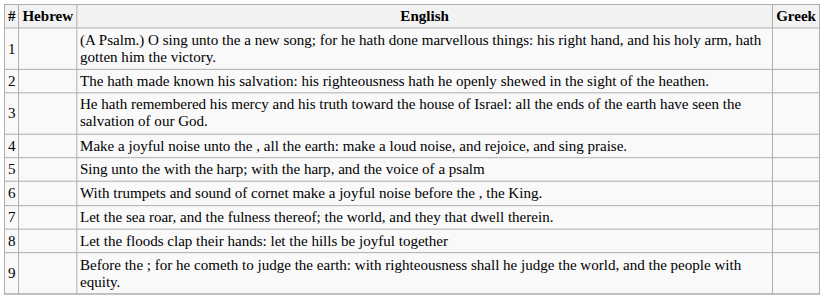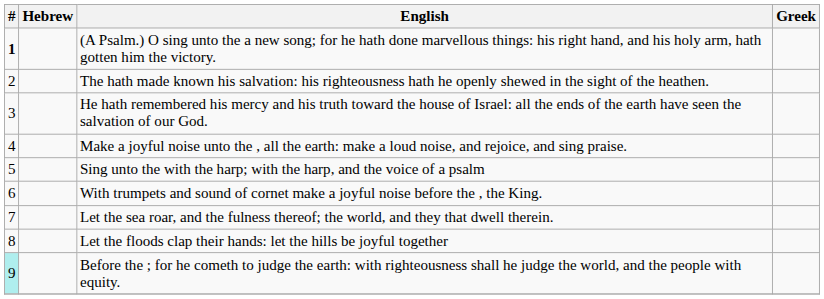 <table class=wikitable>
 <tr>
 <th>#</th>
 <th>Hebrew</th>
 <th>English</th>
 <th>Greek</th>
 </tr>
 <tr>
-<td style="text-align:right">1</td>
+<td style="text-align:right"><strong>1</strong></td>
 <td style="text-align:right"></td>
 <td>(A Psalm.) O sing unto the  a new song; for he hath done marvellous things: his right hand, and his holy arm, hath gotten him the victory.</td>
 <td></td>
 </tr>
 <tr>
 <td style="text-align:right">2</td>
 <td style="text-align:right"></td>
 <td>The  hath made known his salvation: his righteousness hath he openly shewed in the sight of the heathen.</td>
 <td></td>
 </tr>
 <tr>
 <td style="text-align:right">3</td>
 <td style="text-align:right"></td>
 <td>He hath remembered his mercy and his truth toward the house of Israel: all the ends of the earth have seen the salvation of our God.</td>
 <td></td>
 </tr>
 <tr>
 <td style="text-align:right">4</td>
 <td style="text-align:right"></td>
 <td>Make a joyful noise unto the , all the earth: make a loud noise, and rejoice, and sing praise.</td>
 <td></td>
 </tr>
 <tr>
 <td style="text-align:right">5</td>
 <td style="text-align:right"></td>
 <td>Sing unto the  with the harp; with the harp, and the voice of a psalm</td>
 <td></td>
 </tr>
 <tr>
 <td style="text-align:right">6</td>
 <td style="text-align:right"></td>
 <td>With trumpets and sound of cornet make a joyful noise before the , the King.</td>
 <td></td>
 </tr>
 <tr>
 <td style="text-align:right">7</td>
 <td style="text-align:right"></td>
 <td>Let the sea roar, and the fulness thereof; the world, and they that dwell therein.</td>
 <td></td>
 </tr>
 <tr>
 <td style="text-align:right">8</td>
 <td style="text-align:right"></td>
 <td>Let the floods clap their hands: let the hills be joyful together</td>
 <td></td>
 </tr>
 <tr>
-<td style="text-align:right">9</td>
+<td style="background: paleturquoise; text-align:right">9</td>
 <td style="text-align:right"></td>
 <td>Before the ; for he cometh to judge the earth: with righteousness shall he judge the world, and the people with equity.</td>
 <td></td>
 </tr>
 <tr>
 </tr>
 </table>
